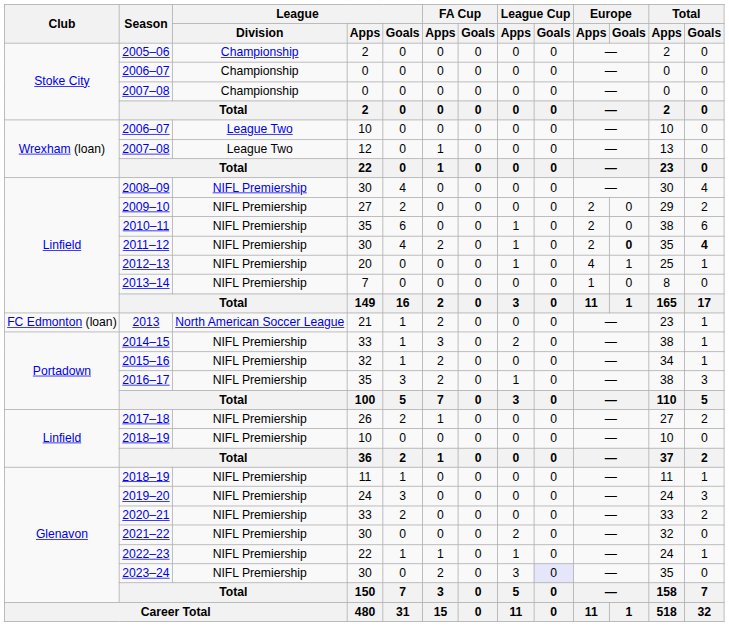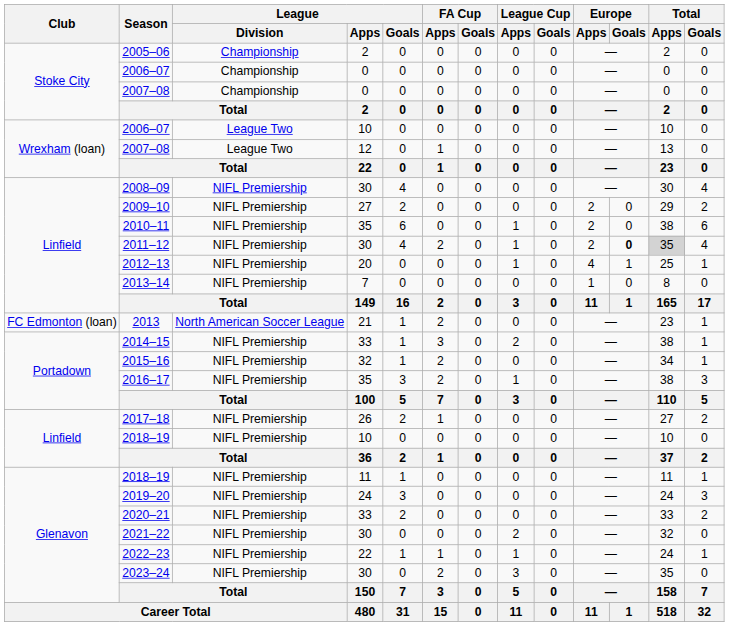 <table class="wikitable" style="text-align: center;">
 <tr>
 <th rowspan="2">Club</th>
 <th rowspan="2">Season</th>
 <th colspan="3">League</th>
 <th colspan="2">FA Cup</th>
 <th colspan="2">League Cup</th>
 <th colspan="2">Europe</th>
 <th colspan="2">Total</th>
 </tr>
 <tr>
 <th>Division</th>
 <th>Apps</th>
 <th>Goals</th>
 <th>Apps</th>
 <th>Goals</th>
 <th>Apps</th>
 <th>Goals</th>
 <th>Apps</th>
 <th>Goals</th>
 <th>Apps</th>
 <th>Goals</th>
 </tr>
 <tr>
 <td rowspan=4><a href='#'>Stoke City</a></td>
 <td><a href='#'>2005–06</a></td>
 <td><a href='#'>Championship</a></td>
 <td>2</td>
 <td>0</td>
 <td>0</td>
 <td>0</td>
 <td>0</td>
 <td>0</td>
 <td colspan="2">—</td>
 <td>2</td>
 <td>0</td>
 </tr>
 <tr>
 <td><a href='#'>2006–07</a></td>
 <td>Championship</td>
 <td>0</td>
 <td>0</td>
 <td>0</td>
 <td>0</td>
 <td>0</td>
 <td>0</td>
 <td colspan="2">—</td>
 <td>0</td>
 <td>0</td>
 </tr>
 <tr>
 <td><a href='#'>2007–08</a></td>
 <td>Championship</td>
 <td>0</td>
 <td>0</td>
 <td>0</td>
 <td>0</td>
 <td>0</td>
 <td>0</td>
 <td colspan="2">—</td>
 <td>0</td>
 <td>0</td>
 </tr>
 <tr>
 <th colspan=2>Total</th>
 <th>2</th>
 <th>0</th>
 <th>0</th>
 <th>0</th>
 <th>0</th>
 <th>0</th>
 <th colspan="2">—</th>
 <th>2</th>
 <th>0</th>
 </tr>
 <tr>
 <td rowspan=3><a href='#'>Wrexham</a> (loan)</td>
 <td><a href='#'>2006–07</a></td>
 <td><a href='#'>League Two</a></td>
 <td>10</td>
 <td>0</td>
 <td>0</td>
 <td>0</td>
 <td>0</td>
 <td>0</td>
 <td colspan="2">—</td>
 <td>10</td>
 <td>0</td>
 </tr>
 <tr>
 <td><a href='#'>2007–08</a></td>
 <td>League Two</td>
 <td>12</td>
 <td>0</td>
 <td>1</td>
 <td>0</td>
 <td>0</td>
 <td>0</td>
 <td colspan="2">—</td>
 <td>13</td>
 <td>0</td>
 </tr>
 <tr>
 <th colspan=2>Total</th>
 <th>22</th>
 <th>0</th>
 <th>1</th>
 <th>0</th>
 <th>0</th>
 <th>0</th>
 <th colspan="2">—</th>
 <th>23</th>
 <th>0</th>
 </tr>
 <tr>
 <td rowspan=7><a href='#'>Linfield</a></td>
 <td><a href='#'>2008–09</a></td>
 <td><a href='#'>NIFL Premiership</a></td>
 <td>30</td>
 <td>4</td>
 <td>0</td>
 <td>0</td>
 <td>0</td>
 <td>0</td>
 <td colspan="2">—</td>
 <td>30</td>
 <td>4</td>
 </tr>
 <tr>
 <td><a href='#'>2009–10</a></td>
 <td>NIFL Premiership</td>
 <td>27</td>
 <td>2</td>
 <td>0</td>
 <td>0</td>
 <td>0</td>
 <td>0</td>
 <td>2</td>
 <td>0</td>
 <td>29</td>
 <td>2</td>
 </tr>
 <tr>
 <td><a href='#'>2010–11</a></td>
 <td>NIFL Premiership</td>
 <td>35</td>
 <td>6</td>
 <td>0</td>
 <td>0</td>
 <td>1</td>
 <td>0</td>
 <td>2</td>
 <td>0</td>
 <td>38</td>
 <td>6</td>
 </tr>
 <tr>
 <td><a href='#'>2011–12</a></td>
 <td>NIFL Premiership</td>
 <td>30</td>
 <td>4</td>
 <td>2</td>
 <td>0</td>
 <td>1</td>
 <td>0</td>
 <td>2</td>
 <td><strong>0</strong></td>
-<td>35</td>
-<td><strong>4</strong></td>
+<td style="background: lightgrey;">35</td>
+<td>4</td>
 </tr>
 <tr>
 <td><a href='#'>2012–13</a></td>
 <td>NIFL Premiership</td>
 <td>20</td>
 <td>0</td>
 <td>0</td>
 <td>0</td>
 <td>1</td>
 <td>0</td>
 <td>4</td>
 <td>1</td>
 <td>25</td>
 <td>1</td>
 </tr>
 <tr>
 <td><a href='#'>2013–14</a></td>
 <td>NIFL Premiership</td>
 <td>7</td>
 <td>0</td>
 <td>0</td>
 <td>0</td>
 <td>0</td>
 <td>0</td>
 <td>1</td>
 <td>0</td>
 <td>8</td>
 <td>0</td>
 </tr>
 <tr>
 <th colspan=2>Total</th>
 <th>149</th>
 <th>16</th>
 <th>2</th>
 <th>0</th>
 <th>3</th>
 <th>0</th>
 <th>11</th>
 <th>1</th>
 <th>165</th>
 <th>17</th>
 </tr>
 <tr>
 <td><a href='#'>FC Edmonton</a> (loan)</td>
 <td><a href='#'>2013</a></td>
 <td><a href='#'>North American Soccer League</a></td>
 <td>21</td>
 <td>1</td>
 <td>2</td>
 <td>0</td>
 <td>0</td>
 <td>0</td>
 <td colspan="2">—</td>
 <td>23</td>
 <td>1</td>
 </tr>
 <tr>
 <td rowspan=4><a href='#'>Portadown</a></td>
 <td><a href='#'>2014–15</a></td>
 <td>NIFL Premiership</td>
 <td>33</td>
 <td>1</td>
 <td>3</td>
 <td>0</td>
 <td>2</td>
 <td>0</td>
 <td colspan="2">—</td>
 <td>38</td>
 <td>1</td>
 </tr>
 <tr>
 <td><a href='#'>2015–16</a></td>
 <td>NIFL Premiership</td>
 <td>32</td>
 <td>1</td>
 <td>2</td>
 <td>0</td>
 <td>0</td>
 <td>0</td>
 <td colspan="2">—</td>
 <td>34</td>
 <td>1</td>
 </tr>
 <tr>
 <td><a href='#'>2016–17</a></td>
 <td>NIFL Premiership</td>
 <td>35</td>
 <td>3</td>
 <td>2</td>
 <td>0</td>
 <td>1</td>
 <td>0</td>
 <td colspan="2">—</td>
 <td>38</td>
 <td>3</td>
 </tr>
 <tr>
 <th colspan=2>Total</th>
 <th>100</th>
 <th>5</th>
 <th>7</th>
 <th>0</th>
 <th>3</th>
 <th>0</th>
 <th colspan="2">—</th>
 <th>110</th>
 <th>5</th>
 </tr>
 <tr>
 <td rowspan=3><a href='#'>Linfield</a></td>
 <td><a href='#'>2017–18</a></td>
 <td>NIFL Premiership</td>
 <td>26</td>
 <td>2</td>
 <td>1</td>
 <td>0</td>
 <td>0</td>
 <td>0</td>
 <td colspan="2">—</td>
 <td>27</td>
 <td>2</td>
 </tr>
 <tr>
 <td><a href='#'>2018–19</a></td>
 <td>NIFL Premiership</td>
 <td>10</td>
 <td>0</td>
 <td>0</td>
 <td>0</td>
 <td>0</td>
 <td>0</td>
 <td colspan="2">—</td>
 <td>10</td>
 <td>0</td>
 </tr>
 <tr>
 <th colspan=2>Total</th>
 <th>36</th>
 <th>2</th>
 <th>1</th>
 <th>0</th>
 <th>0</th>
 <th>0</th>
 <th colspan="2">—</th>
 <th>37</th>
 <th>2</th>
 </tr>
 <tr>
 <td rowspan=7><a href='#'>Glenavon</a></td>
 <td><a href='#'>2018–19</a></td>
 <td>NIFL Premiership</td>
 <td>11</td>
 <td>1</td>
 <td>0</td>
 <td>0</td>
 <td>0</td>
 <td>0</td>
 <td colspan="2">—</td>
 <td>11</td>
 <td>1</td>
 </tr>
 <tr>
 <td><a href='#'>2019–20</a></td>
 <td>NIFL Premiership</td>
 <td>24</td>
 <td>3</td>
 <td>0</td>
 <td>0</td>
 <td>0</td>
 <td>0</td>
 <td colspan="2">—</td>
 <td>24</td>
 <td>3</td>
 </tr>
 <tr>
 <td><a href='#'>2020–21</a></td>
 <td>NIFL Premiership</td>
 <td>33</td>
 <td>2</td>
 <td>0</td>
 <td>0</td>
 <td>0</td>
 <td>0</td>
 <td colspan="2">—</td>
 <td>33</td>
 <td>2</td>
 </tr>
 <tr>
 <td><a href='#'>2021–22</a></td>
 <td>NIFL Premiership</td>
 <td>30</td>
 <td>0</td>
 <td>0</td>
 <td>0</td>
 <td>2</td>
 <td>0</td>
 <td colspan="2">—</td>
 <td>32</td>
 <td>0</td>
 </tr>
 <tr>
 <td><a href='#'>2022–23</a></td>
 <td>NIFL Premiership</td>
 <td>22</td>
 <td>1</td>
 <td>1</td>
 <td>0</td>
 <td>1</td>
 <td>0</td>
 <td colspan="2">—</td>
 <td>24</td>
 <td>1</td>
 </tr>
 <tr>
 <td><a href='#'>2023–24</a></td>
 <td>NIFL Premiership</td>
 <td>30</td>
 <td>0</td>
 <td>2</td>
 <td>0</td>
 <td>3</td>
-<td style="background: lavender;">0</td>
+<td>0</td>
 <td colspan="2">—</td>
 <td>35</td>
 <td>0</td>
 </tr>
 <tr>
 <th colspan=2>Total</th>
 <th>150</th>
 <th>7</th>
 <th>3</th>
 <th>0</th>
 <th>5</th>
 <th>0</th>
 <th colspan="2">—</th>
 <th>158</th>
 <th>7</th>
 </tr>
 <tr>
 <th colspan="3">Career Total</th>
 <th>480</th>
 <th>31</th>
 <th>15</th>
 <th>0</th>
 <th>11</th>
 <th>0</th>
 <th>11</th>
 <th>1</th>
 <th>518</th>
 <th>32</th>
 </tr>
 </table>
